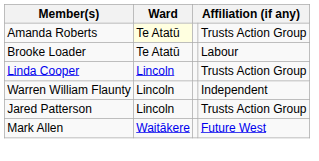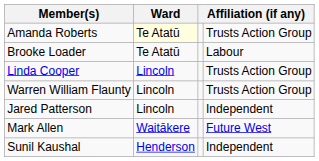 <table class="wikitable">
 <tr>
 <th>Member(s)</th>
 <th>Ward</th>
 <th colspan="2">Affiliation (if any)</th>
 </tr>
 <tr>
 <td>Amanda Roberts</td>
 <td style="background: lightyellow;">Te Atatū</td>
 <td></td>
 <td>Trusts Action Group</td>
 </tr>
 <tr>
 <td>Brooke Loader</td>
 <td>Te Atatū</td>
 <td></td>
 <td>Labour</td>
 </tr>
 <tr>
 <td><a href='#'>Linda Cooper</a></td>
 <td><a href='#'>Lincoln</a></td>
 <td></td>
 <td>Trusts Action Group</td>
 </tr>
 <tr>
 <td>Warren William Flaunty</td>
 <td>Lincoln</td>
 <td></td>
-<td>Independent</td>
+<td>Trusts Action Group</td>
 </tr>
 <tr>
 <td>Jared Patterson</td>
 <td>Lincoln</td>
 <td></td>
-<td>Trusts Action Group</td>
+<td>Independent</td>
 </tr>
 <tr>
 <td>Mark Allen</td>
 <td><a href='#'>Waitākere</a></td>
 <td></td>
 <td><a href='#'>Future West</a></td>
 </tr>
+<tr>
+<td>Sunil Kaushal</td>
+<td><a href='#'>Henderson</a></td>
+<td></td>
+<td>Independent</td>
+</tr>
 </table>
